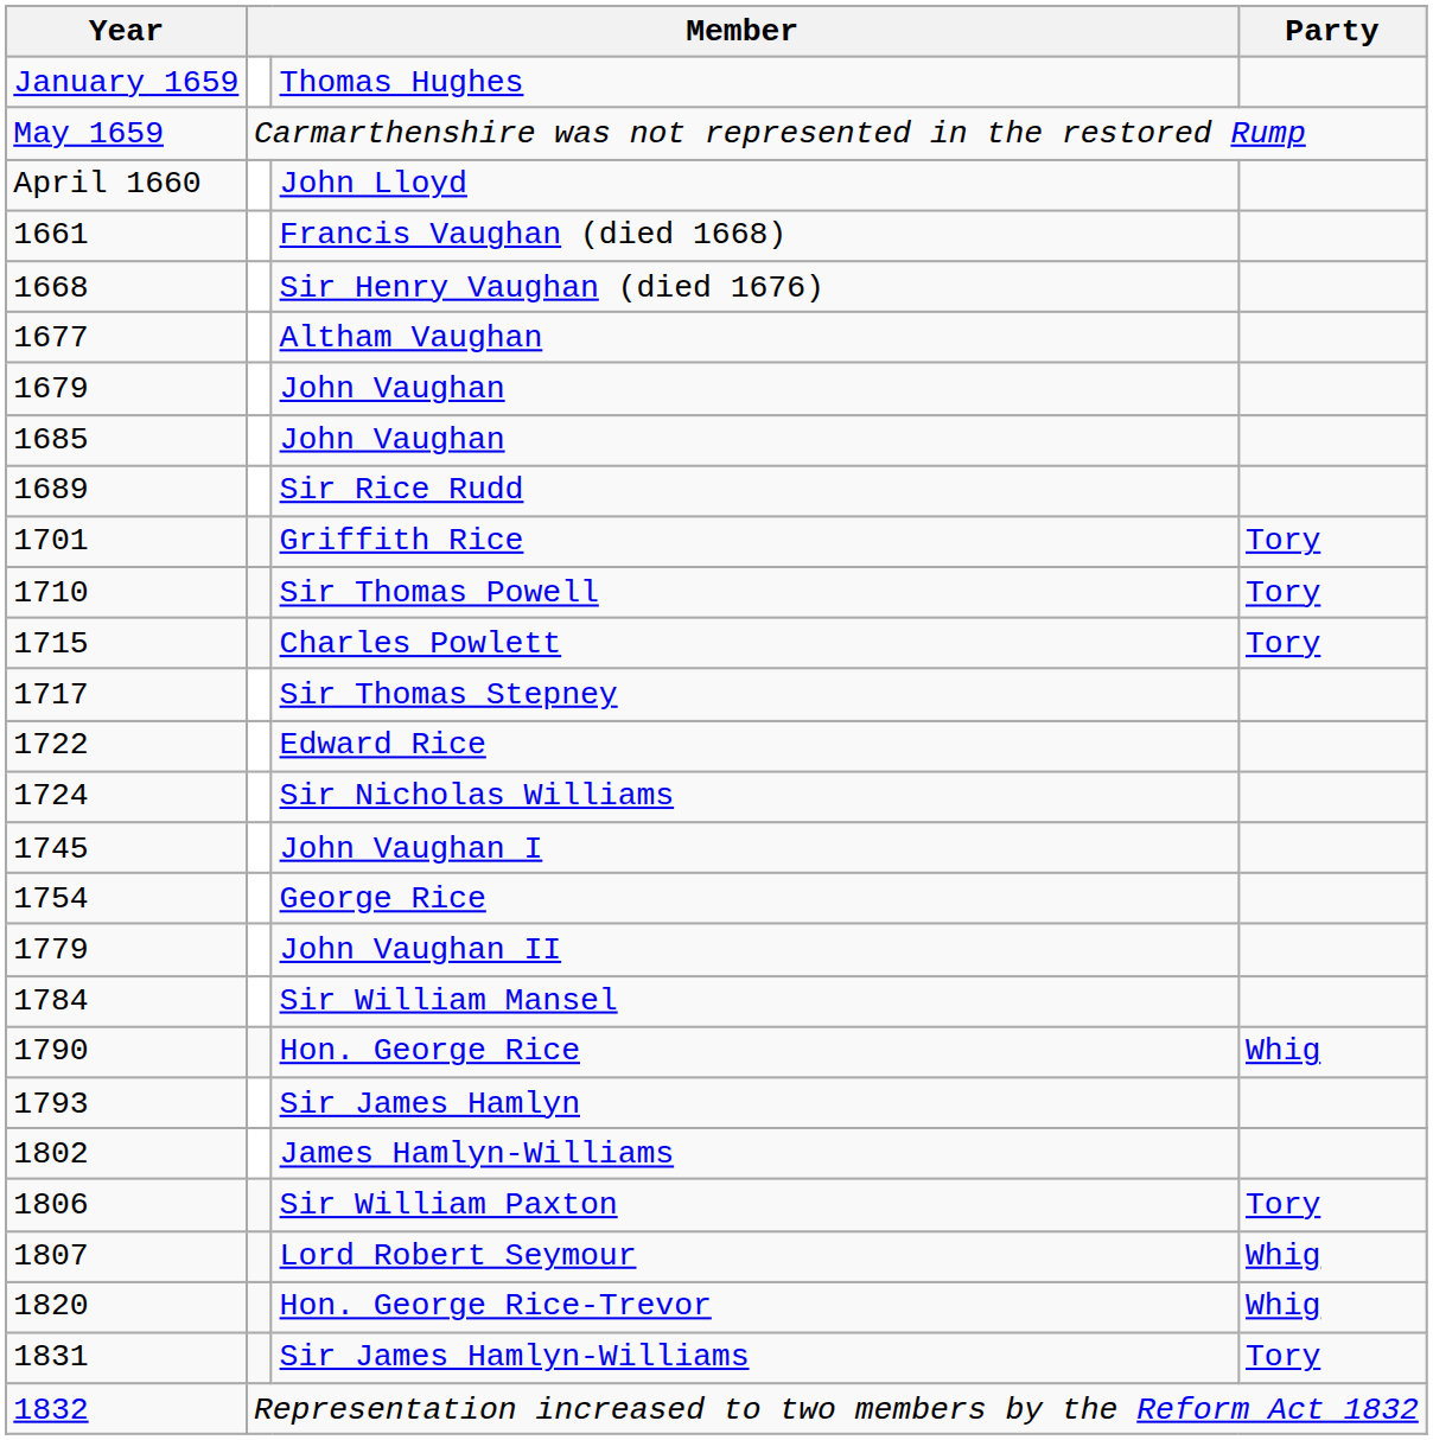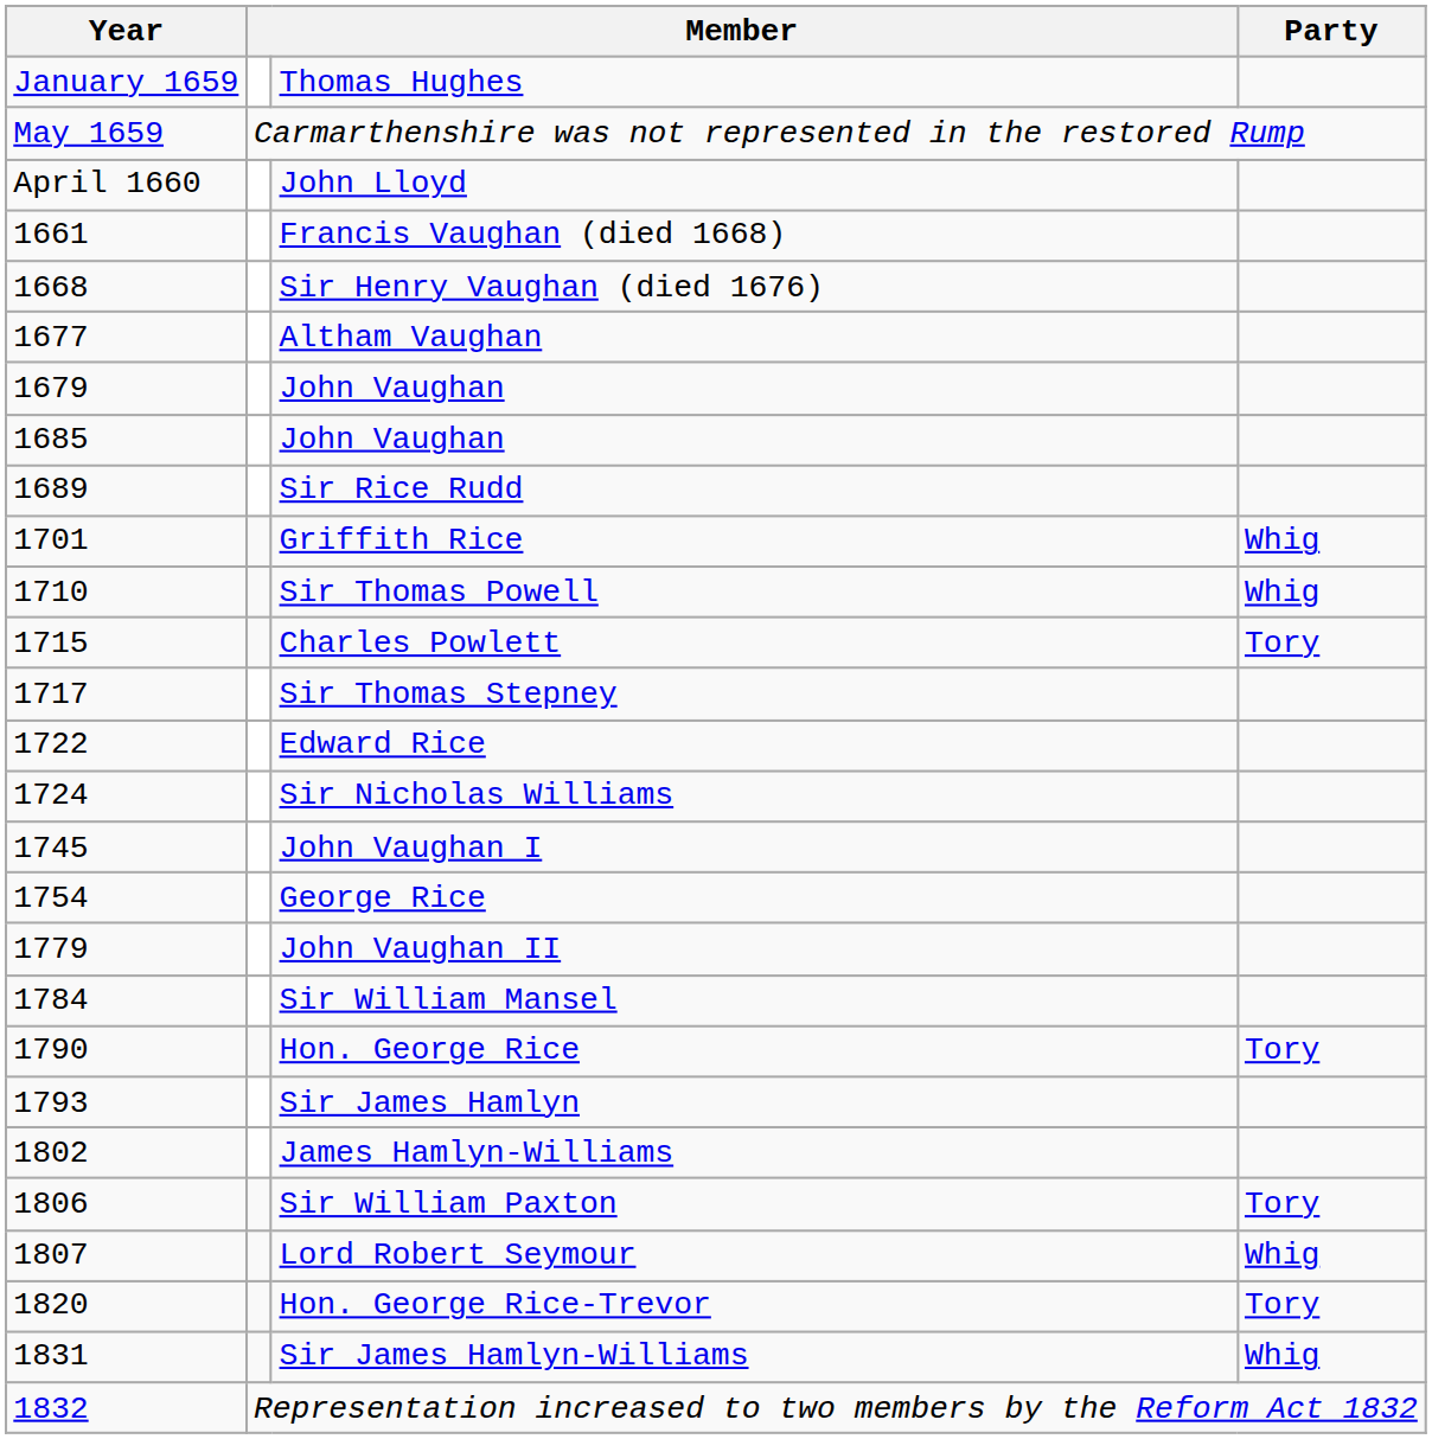 <table class="wikitable">
 <tr>
 <th>Year</th>
 <th colspan="2">Member</th>
 <th>Party</th>
 </tr>
 <tr>
 <td><a href='#'>January 1659</a></td>
 <td style="color:inherit;background-color: white"></td>
 <td><a href='#'>Thomas Hughes</a></td>
 <td></td>
 </tr>
 <tr>
 <td><a href='#'>May 1659</a></td>
 <td colspan="3"><em>Carmarthenshire was not represented in the restored <a href='#'>Rump</a></em></td>
 </tr>
 <tr>
 <td>April 1660</td>
 <td style="color:inherit;background-color: white"></td>
 <td><a href='#'>John Lloyd</a></td>
 <td></td>
 </tr>
 <tr>
 <td>1661</td>
 <td style="color:inherit;background-color: white"></td>
 <td><a href='#'>Francis Vaughan</a>  (died 1668)</td>
 <td></td>
 </tr>
 <tr>
 <td>1668</td>
 <td style="color:inherit;background-color: white"></td>
 <td><a href='#'>Sir Henry Vaughan</a> (died 1676)</td>
 <td></td>
 </tr>
 <tr>
 <td>1677</td>
 <td style="color:inherit;background-color: white"></td>
 <td><a href='#'>Altham Vaughan</a></td>
 <td></td>
 </tr>
 <tr>
 <td>1679</td>
 <td style="color:inherit;background-color: white"></td>
 <td><a href='#'>John Vaughan</a></td>
 <td></td>
 </tr>
 <tr>
 <td>1685</td>
 <td style="color:inherit;background-color: white"></td>
 <td><a href='#'>John Vaughan</a></td>
 <td></td>
 </tr>
 <tr>
 <td>1689</td>
 <td style="color:inherit;background-color: white"></td>
 <td><a href='#'>Sir Rice Rudd</a></td>
 <td></td>
 </tr>
 <tr>
 <td>1701</td>
 <td style="color:inherit;background-color: "></td>
 <td><a href='#'>Griffith Rice</a></td>
-<td><a href='#'>Tory</a></td>
+<td><a href='#'>Whig</a></td>
 </tr>
 <tr>
 <td>1710</td>
 <td style="color:inherit;background-color: "></td>
 <td><a href='#'>Sir Thomas Powell</a></td>
-<td><a href='#'>Tory</a></td>
+<td><a href='#'>Whig</a></td>
 </tr>
 <tr>
 <td>1715</td>
 <td style="color:inherit;background-color: "></td>
 <td><a href='#'>Charles Powlett</a></td>
 <td><a href='#'>Tory</a></td>
 </tr>
 <tr>
 <td>1717</td>
 <td style="color:inherit;background-color: white"></td>
 <td><a href='#'>Sir Thomas Stepney</a></td>
 <td></td>
 </tr>
 <tr>
 <td>1722</td>
 <td style="color:inherit;background-color: white"></td>
 <td><a href='#'>Edward Rice</a></td>
 <td></td>
 </tr>
 <tr>
 <td>1724</td>
 <td style="color:inherit;background-color: white"></td>
 <td><a href='#'>Sir Nicholas Williams</a></td>
 <td></td>
 </tr>
 <tr>
 <td>1745</td>
 <td style="color:inherit;background-color: white"></td>
 <td><a href='#'>John Vaughan I</a></td>
 <td></td>
 </tr>
 <tr>
 <td>1754</td>
 <td style="color:inherit;background-color: white"></td>
 <td><a href='#'>George Rice</a></td>
 <td></td>
 </tr>
 <tr>
 <td>1779</td>
 <td style="color:inherit;background-color: white"></td>
 <td><a href='#'>John Vaughan II</a></td>
 <td></td>
 </tr>
 <tr>
 <td>1784</td>
 <td style="color:inherit;background-color: white"></td>
 <td><a href='#'>Sir William Mansel</a></td>
 <td></td>
 </tr>
 <tr>
 <td>1790</td>
 <td style="color:inherit;background-color: "></td>
 <td><a href='#'>Hon. George Rice</a></td>
-<td><a href='#'>Whig</a></td>
+<td><a href='#'>Tory</a></td>
 </tr>
 <tr>
 <td>1793</td>
 <td style="color:inherit;background-color: white"></td>
 <td><a href='#'>Sir James Hamlyn</a></td>
 <td></td>
 </tr>
 <tr>
 <td>1802</td>
 <td style="color:inherit;background-color: white"></td>
 <td><a href='#'>James Hamlyn-Williams</a></td>
 <td></td>
 </tr>
 <tr>
 <td>1806</td>
 <td style="color:inherit;background-color: "></td>
 <td><a href='#'>Sir William Paxton</a></td>
 <td><a href='#'>Tory</a></td>
 </tr>
 <tr>
 <td>1807</td>
 <td style="color:inherit;background-color: "></td>
 <td><a href='#'>Lord Robert Seymour</a></td>
 <td><a href='#'>Whig</a></td>
 </tr>
 <tr>
 <td>1820</td>
 <td style="color:inherit;background-color: "></td>
 <td><a href='#'>Hon. George Rice-Trevor</a></td>
-<td><a href='#'>Whig</a></td>
+<td><a href='#'>Tory</a></td>
 </tr>
 <tr>
 <td>1831</td>
 <td style="color:inherit;background-color: "></td>
 <td><a href='#'>Sir James Hamlyn-Williams</a></td>
-<td><a href='#'>Tory</a></td>
+<td><a href='#'>Whig</a></td>
 </tr>
 <tr>
 <td><a href='#'>1832</a></td>
 <td colspan="6"><em>Representation increased to two members by the <a href='#'>Reform Act 1832</a></em></td>
 </tr>
 </table>
